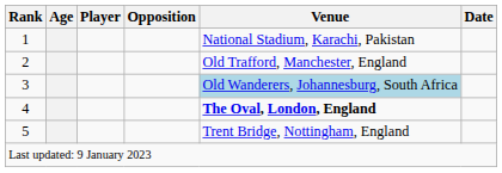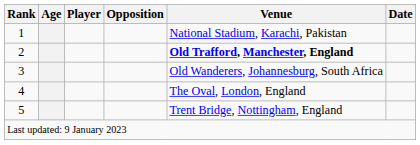 <table class="wikitable plainrowheaders sortable">
 <tr>
 <th scope=col>Rank</th>
 <th scope=col>Age</th>
 <th scope=col>Player</th>
 <th scope=col>Opposition</th>
 <th scope=col>Venue</th>
 <th scope=col>Date</th>
 </tr>
 <tr>
 <td align=center>1</td>
 <th scope=row style=text-align:center;></th>
 <td></td>
 <td></td>
 <td><a href='#'>National Stadium</a>, <a href='#'>Karachi</a>, Pakistan</td>
 <td><a href='#'></a></td>
 </tr>
 <tr>
 <td align=center>2</td>
 <th scope=row style=text-align:center;></th>
 <td></td>
 <td></td>
-<td><a href='#'>Old Trafford</a>, <a href='#'>Manchester</a>, England</td>
+<td><strong><a href='#'>Old Trafford</a>, <a href='#'>Manchester</a>, England</strong></td>
 <td><a href='#'></a></td>
 </tr>
 <tr>
 <td align=center>3</td>
 <th scope=row style=text-align:center;></th>
 <td></td>
 <td></td>
-<td style="background: lightblue;"><a href='#'>Old Wanderers</a>, <a href='#'>Johannesburg</a>, South Africa</td>
+<td><a href='#'>Old Wanderers</a>, <a href='#'>Johannesburg</a>, South Africa</td>
 <td><a href='#'></a></td>
 </tr>
 <tr>
 <td align=center>4</td>
 <th scope=row style=text-align:center;></th>
 <td></td>
 <td></td>
-<td><strong><a href='#'>The Oval</a>, <a href='#'>London</a>, England</strong></td>
+<td><a href='#'>The Oval</a>, <a href='#'>London</a>, England</td>
 <td><a href='#'></a></td>
 </tr>
 <tr>
 <td align=center>5</td>
 <th scope=row style=text-align:center;></th>
 <td></td>
 <td></td>
 <td><a href='#'>Trent Bridge</a>, <a href='#'>Nottingham</a>, England</td>
 <td><a href='#'></a></td>
 </tr>
 <tr>
 <td colspan=7><small>Last updated: 9 January 2023</small></td>
 </tr>
 </table>
